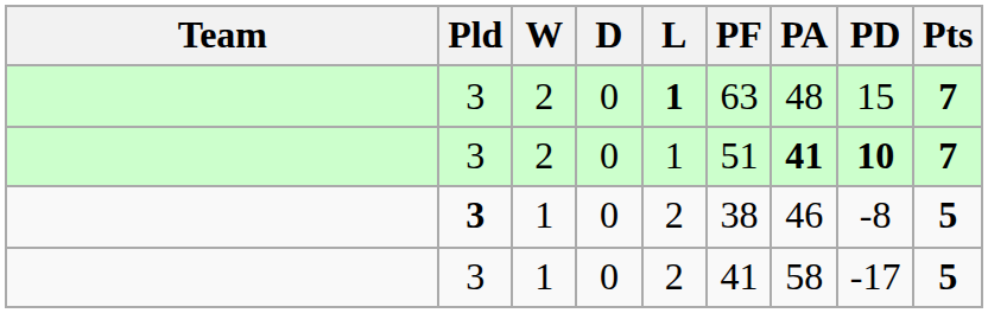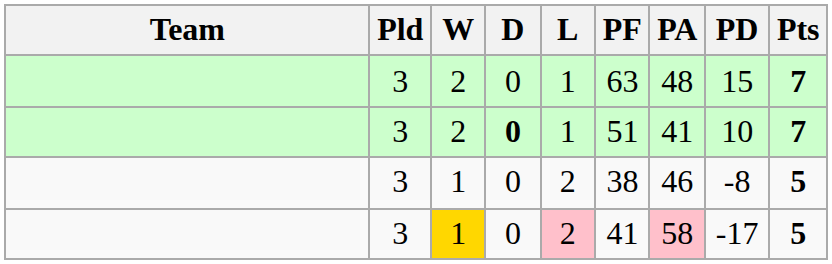 <table class="wikitable" style="text-align:center;">
 <tr>
 <th width=175>Team</th>
 <th width=20 abbr="Played">Pld</th>
 <th width=20 abbr="Won">W</th>
 <th width=20 abbr="Drawn">D</th>
 <th width=20 abbr="Lost">L</th>
 <th width=20 abbr="Points for">PF</th>
 <th width=20 abbr="Points against">PA</th>
 <th width=25 abbr="Points difference">PD</th>
 <th width=20 abbr="Points">Pts</th>
 </tr>
 <tr style="background:#ccffcc">
 <td align=left></td>
 <td>3</td>
 <td>2</td>
 <td>0</td>
-<td><strong>1</strong></td>
+<td>1</td>
 <td>63</td>
 <td>48</td>
 <td>15</td>
 <td><strong>7</strong></td>
 </tr>
 <tr style="background:#ccffcc">
 <td align=left></td>
 <td>3</td>
 <td>2</td>
-<td>0</td>
+<td><strong>0</strong></td>
 <td>1</td>
 <td>51</td>
-<td><strong>41</strong></td>
-<td><strong>10</strong></td>
+<td>41</td>
+<td>10</td>
 <td><strong>7</strong></td>
 </tr>
 <tr>
 <td align=left></td>
-<td><strong>3</strong></td>
+<td>3</td>
 <td>1</td>
 <td>0</td>
 <td>2</td>
 <td>38</td>
 <td>46</td>
 <td>-8</td>
 <td><strong>5</strong></td>
 </tr>
 <tr style="background:#ccffcc">
 </tr>
 <tr>
 <td align=left></td>
 <td>3</td>
-<td>1</td>
+<td style="background: gold;">1</td>
 <td>0</td>
-<td>2</td>
+<td style="background: pink;">2</td>
 <td>41</td>
-<td>58</td>
+<td style="background: pink;">58</td>
 <td>-17</td>
 <td><strong>5</strong></td>
 </tr>
 <tr>
 </tr>
 </table>
